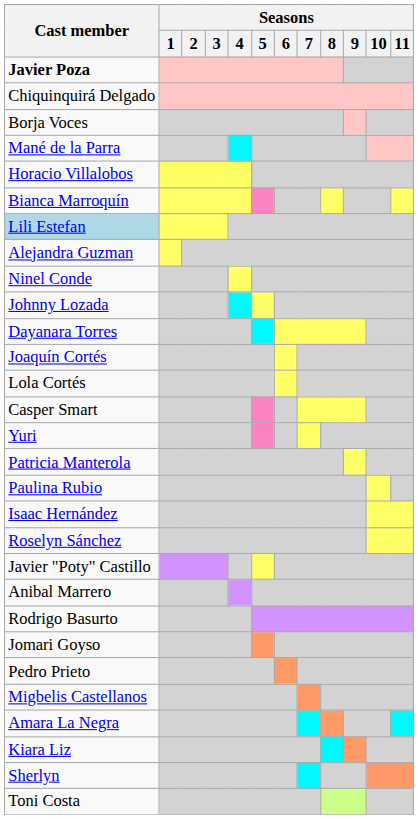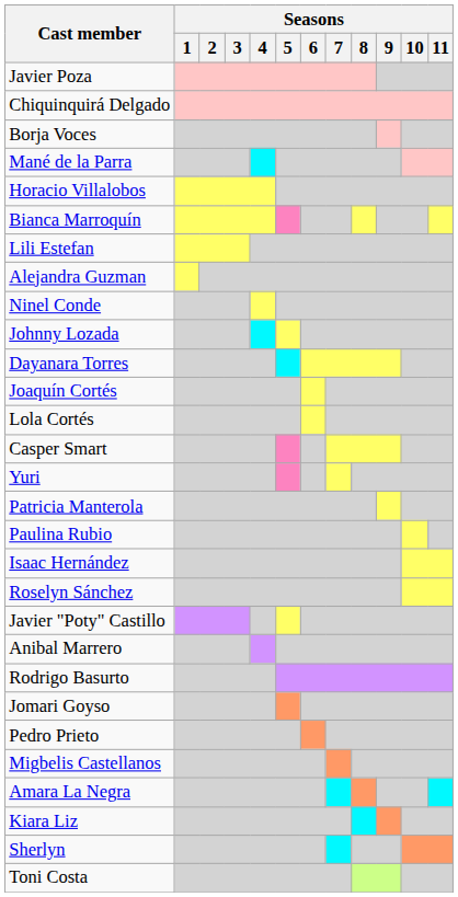 <table class="wikitable" style="margin:left; font-size:100%">
 <tr>
 <th rowspan="2">Cast member</th>
 <th colspan="11" style="text-align:center">Seasons</th>
 </tr>
 <tr>
 <th width="15">1</th>
 <th width="15">2</th>
 <th width="15">3</th>
 <th width="15">4</th>
 <th width="15">5</th>
 <th width="15">6</th>
 <th width="15">7</th>
 <th width="15">8</th>
 <th width="15">9</th>
 <th width="15">10</th>
 <th width="15">11</th>
 </tr>
 <tr>
-<td><strong>Javier Poza</strong></td>
+<td>Javier Poza</td>
 <td colspan="8" style="background:#ffc6c6"></td>
 <td colspan="3" style="background:lightgrey"></td>
 </tr>
 <tr>
 <td>Chiquinquirá Delgado</td>
 <td colspan="11" style="background:#ffc6c6"></td>
 </tr>
 <tr>
 <td>Borja Voces</td>
 <td colspan="8" style="background:lightgrey"></td>
 <td style="background:#ffc6c6"></td>
 <td colspan="2" style="background:lightgrey"></td>
 </tr>
 <tr>
 <td><a href='#'>Mané de la Parra</a></td>
 <td colspan="3" style="background:lightgrey"></td>
 <td style="background:#00f9ff"></td>
 <td colspan="5" style="background:lightgrey"></td>
 <td colspan="2" style="background:#ffc6c6"></td>
 </tr>
 <tr>
 <td><a href='#'>Horacio Villalobos</a></td>
 <td colspan="4" style="background:#FF6"></td>
 <td colspan="7" style="background:lightgrey"></td>
 </tr>
 <tr>
 <td><a href='#'>Bianca Marroquín</a></td>
 <td colspan="4" style="background:#FF6"></td>
 <td style="background:#F399"></td>
 <td colspan="2" style="background:lightgrey"></td>
 <td style="background:#FF6"></td>
 <td colspan="2" style="background:lightgrey"></td>
 <td style="background:#FF6"></td>
 </tr>
 <tr>
-<td style="background: lightblue;"><a href='#'>Lili Estefan</a></td>
+<td><a href='#'>Lili Estefan</a></td>
 <td colspan="3" style="background:#FF6"></td>
 <td colspan="8" style="background:lightgrey"></td>
 </tr>
 <tr>
 <td><a href='#'>Alejandra Guzman</a></td>
 <td colspan="1" style="background:#FF6"></td>
 <td colspan="10" style="background:lightgrey"></td>
 </tr>
 <tr>
 <td><a href='#'>Ninel Conde</a></td>
 <td colspan="3" style="background:lightgrey"></td>
 <td style="background:#FF6"></td>
 <td colspan="7" style="background:lightgrey"></td>
 </tr>
 <tr>
 <td><a href='#'>Johnny Lozada</a></td>
 <td colspan="3" style="background:lightgrey"></td>
 <td style="background:#00f9ff"></td>
 <td style="background:#FF6"></td>
 <td colspan="6" style="background:lightgrey"></td>
 </tr>
 <tr>
 <td><a href='#'>Dayanara Torres</a></td>
 <td colspan="4" style="background:lightgrey"></td>
 <td style="background:#00f9ff"></td>
 <td colspan="4" style="background:#FF6"></td>
 <td colspan="2" style="background:lightgrey"></td>
 </tr>
 <tr>
 <td><a href='#'>Joaquín Cortés</a></td>
 <td colspan="5" style="background:lightgrey"></td>
 <td colspan="1" style="background:#FF6"></td>
 <td colspan="5" style="background:lightgrey"></td>
 </tr>
 <tr>
 <td>Lola Cortés</td>
 <td colspan="5" style="background:lightgrey"></td>
 <td colspan="1" style="background:#FF6"></td>
 <td colspan="5" style="background:lightgrey"></td>
 </tr>
 <tr>
 <td>Casper Smart</td>
 <td colspan="4" style="background:lightgrey"></td>
 <td style="background:#F399"></td>
 <td style="background:lightgrey"></td>
 <td colspan="3" style="background:#FF6"></td>
 <td colspan="2" style="background:lightgrey"></td>
 </tr>
 <tr>
 <td><a href='#'>Yuri</a></td>
 <td colspan="4" style="background:lightgrey"></td>
 <td colspan="1" style="background:#F399"></td>
 <td colspan="1" style="background:lightgrey"></td>
 <td colspan="1" style="background:#FF6"></td>
 <td colspan="4" style="background:lightgrey"></td>
 </tr>
 <tr>
 <td><a href='#'>Patricia Manterola</a></td>
 <td colspan="8" style="background:lightgrey"></td>
 <td style="background:#FF6"></td>
 <td colspan="2" style="background:lightgrey"></td>
 </tr>
 <tr>
 <td><a href='#'>Paulina Rubio</a></td>
 <td colspan="9" style="background:lightgrey"></td>
 <td style="background:#FF6"></td>
 <td colspan="2" style="background:lightgrey"></td>
 </tr>
 <tr>
 <td><a href='#'>Isaac Hernández</a></td>
 <td colspan="9" style="background:lightgrey"></td>
 <td colspan="2" style="background:#FF6"></td>
 </tr>
 <tr>
 <td><a href='#'>Roselyn Sánchez</a></td>
 <td colspan="9" style="background:lightgrey"></td>
 <td colspan="2" style="background:#FF6"></td>
 </tr>
 <tr>
 <td>Javier "Poty" Castillo</td>
 <td colspan="3" style="background:#d293ff"></td>
 <td colspan="1" style="background:lightgrey"></td>
 <td colspan="1" style="background:#FF6"></td>
 <td colspan="6" style="background:lightgrey"></td>
 </tr>
 <tr>
 <td>Anibal Marrero</td>
 <td colspan="3" style="background:lightgrey"></td>
 <td colspan="1" style="background:#d293ff"></td>
 <td colspan="7" style="background:lightgrey"></td>
 </tr>
 <tr>
 <td>Rodrigo Basurto</td>
 <td colspan="4" style="background:lightgrey"></td>
 <td colspan="7" style="background:#d293ff"></td>
 </tr>
 <tr>
 <td>Jomari Goyso</td>
 <td colspan="4" style="background:lightgrey"></td>
 <td colspan="1" style="background:#F96"></td>
 <td colspan="6" style="background:lightgrey"></td>
 </tr>
 <tr>
 <td>Pedro Prieto</td>
 <td colspan="5" style="background:lightgrey"></td>
 <td colspan="1" style="background:#F96"></td>
 <td colspan="5" style="background:lightgrey"></td>
 </tr>
 <tr>
 <td><a href='#'>Migbelis Castellanos</a></td>
 <td colspan="6" style="background:lightgrey"></td>
 <td colspan="1" style="background:#F96"></td>
 <td colspan="4" style="background:lightgrey"></td>
 </tr>
 <tr>
 <td><a href='#'>Amara La Negra</a></td>
 <td colspan="6" style="background:lightgrey"></td>
 <td style="background:#00f9ff"></td>
 <td colspan="1" style="background:#F96"></td>
 <td colspan="2" style="background:lightgrey"></td>
 <td style="background:#00f9ff"></td>
 </tr>
 <tr>
 <td><a href='#'>Kiara Liz</a></td>
 <td colspan="7" style="background:lightgrey"></td>
 <td style="background:#00f9ff"></td>
 <td colspan="1" style="background:#F96"></td>
 <td colspan="2" style="background:lightgrey"></td>
 </tr>
 <tr>
 <td><a href='#'>Sherlyn</a></td>
 <td colspan="6" style="background:lightgrey"></td>
 <td style="background:#00f9ff"></td>
 <td colspan="2" style="background:lightgrey"></td>
 <td colspan="2" style="background:#F96"></td>
 </tr>
 <tr>
 <td>Toni Costa</td>
 <td colspan="7" style="background:lightgrey"></td>
 <td colspan="2" style="background:#ccff88;"></td>
 <td colspan="2" style="background:lightgrey"></td>
 </tr>
 <tr>
 </tr>
 </table>
